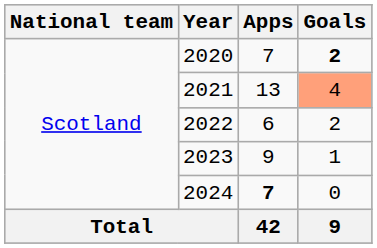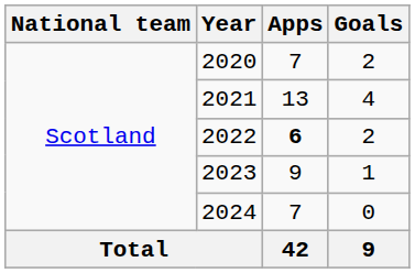 <table class="wikitable" style="text-align:center">
 <tr>
 <th>National team</th>
 <th>Year</th>
 <th>Apps</th>
 <th>Goals</th>
 </tr>
 <tr>
 <td rowspan="5"><a href='#'>Scotland</a></td>
 <td>2020</td>
 <td>7</td>
-<td><strong>2</strong></td>
+<td>2</td>
 </tr>
 <tr>
 <td>2021</td>
 <td>13</td>
-<td style="background: lightsalmon;">4</td>
+<td>4</td>
 </tr>
 <tr>
 <td>2022</td>
-<td>6</td>
+<td><strong>6</strong></td>
 <td>2</td>
 </tr>
 <tr>
 <td>2023</td>
 <td>9</td>
 <td>1</td>
 </tr>
 <tr>
 <td>2024</td>
-<td><strong>7</strong></td>
+<td>7</td>
 <td>0</td>
 </tr>
 <tr>
 <th colspan="2">Total</th>
 <th>42</th>
 <th>9</th>
 </tr>
 </table>
